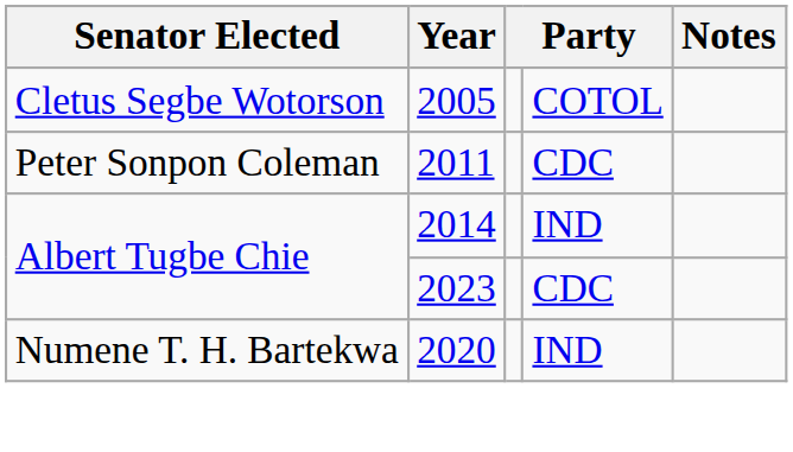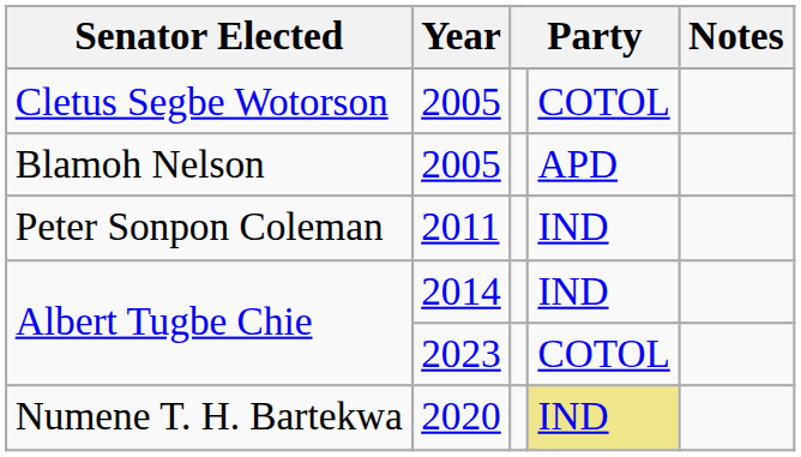 <table class="wikitable">
 <tr>
 <th>Senator Elected</th>
 <th>Year</th>
 <th colspan=2>Party</th>
 <th>Notes</th>
 </tr>
 <tr>
 <td><a href='#'>Cletus Segbe Wotorson</a></td>
 <td><a href='#'>2005</a></td>
 <td></td>
 <td><a href='#'>COTOL</a></td>
 <td></td>
 </tr>
 <tr>
+<td>Blamoh Nelson</td>
+<td><a href='#'>2005</a></td>
+<td></td>
+<td><a href='#'>APD</a></td>
+<td></td>
+</tr>
+<tr>
 <td>Peter Sonpon Coleman</td>
 <td><a href='#'>2011</a></td>
 <td></td>
-<td><a href='#'>CDC</a></td>
+<td><a href='#'>IND</a></td>
 <td></td>
 </tr>
 <tr>
 <td rowspan=2><a href='#'>Albert Tugbe Chie</a></td>
 <td><a href='#'>2014</a></td>
 <td></td>
 <td><a href='#'>IND</a></td>
 <td></td>
 </tr>
 <tr>
 <td><a href='#'>2023</a></td>
 <td></td>
-<td><a href='#'>CDC</a></td>
+<td><a href='#'>COTOL</a></td>
 <td></td>
 </tr>
 <tr>
 <td>Numene T. H. Bartekwa</td>
 <td><a href='#'>2020</a></td>
 <td></td>
-<td><a href='#'>IND</a></td>
+<td style="background: khaki;"><a href='#'>IND</a></td>
 <td></td>
 </tr>
 </table>
